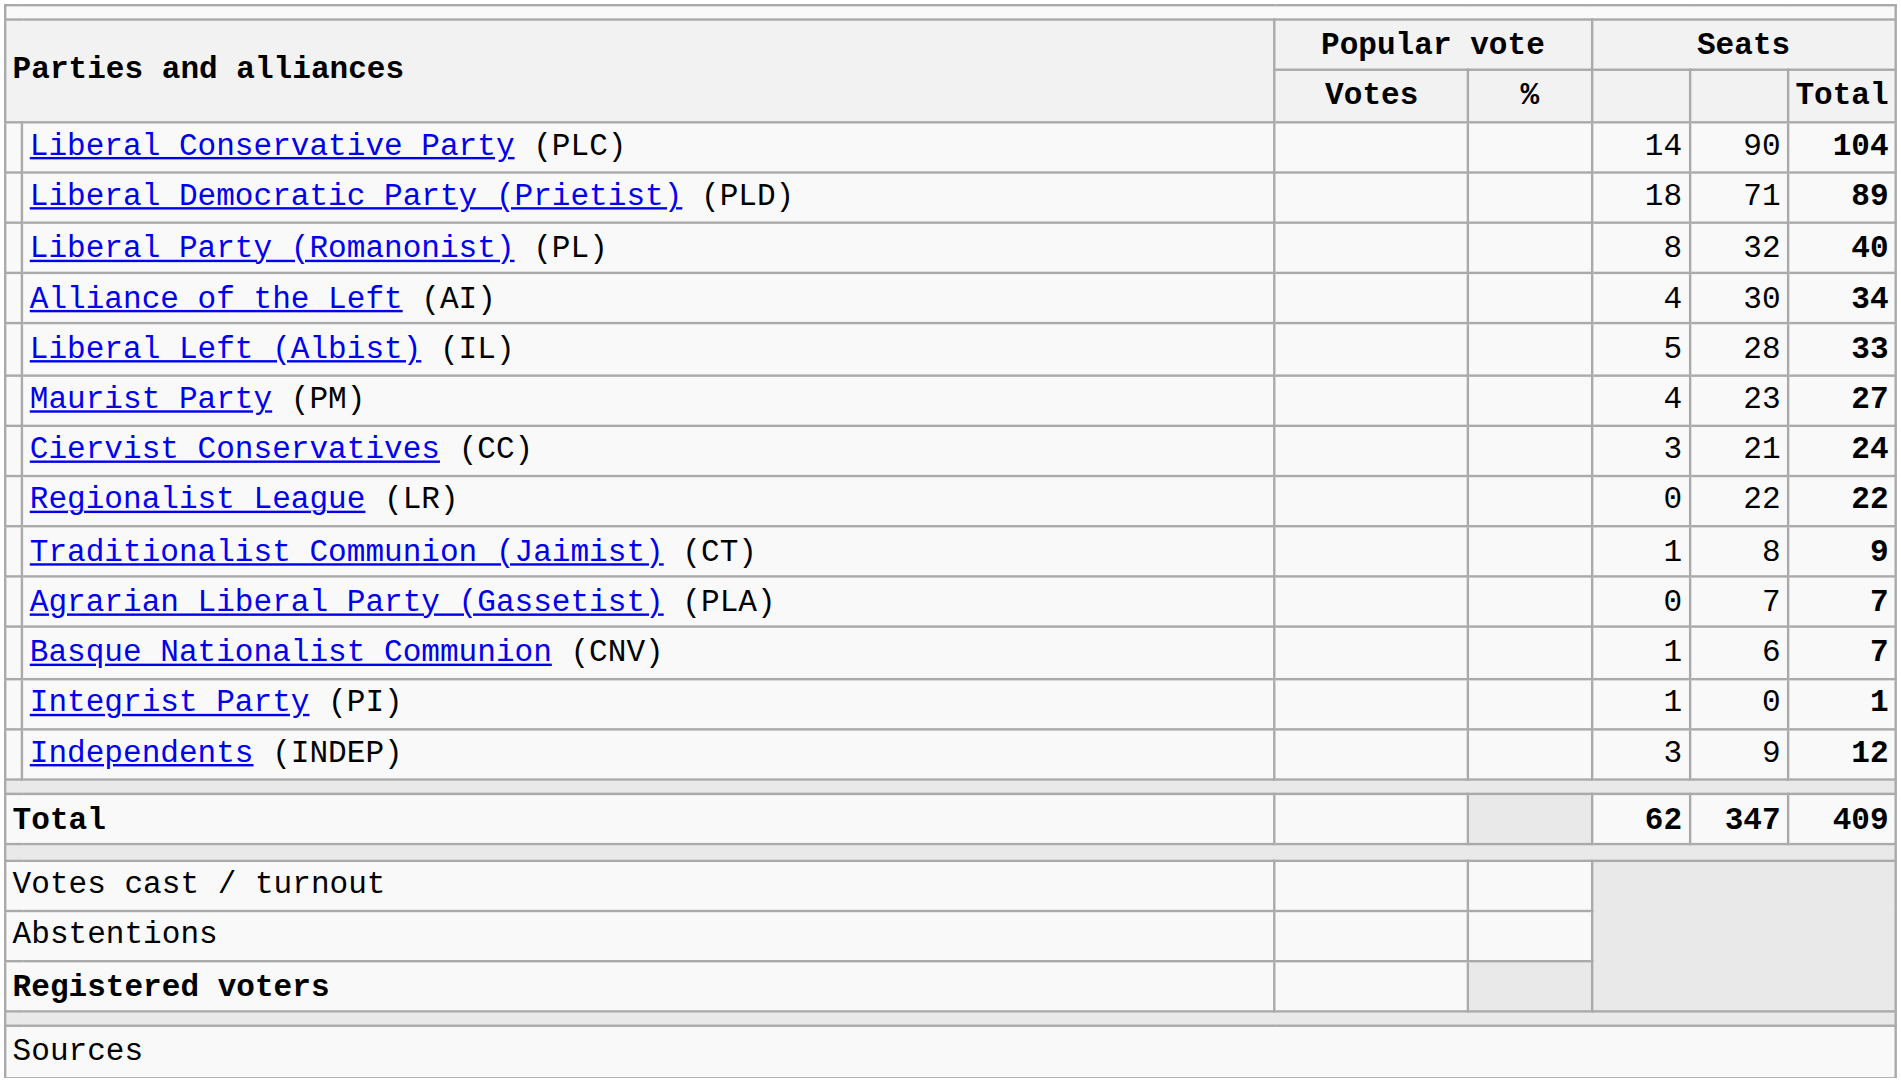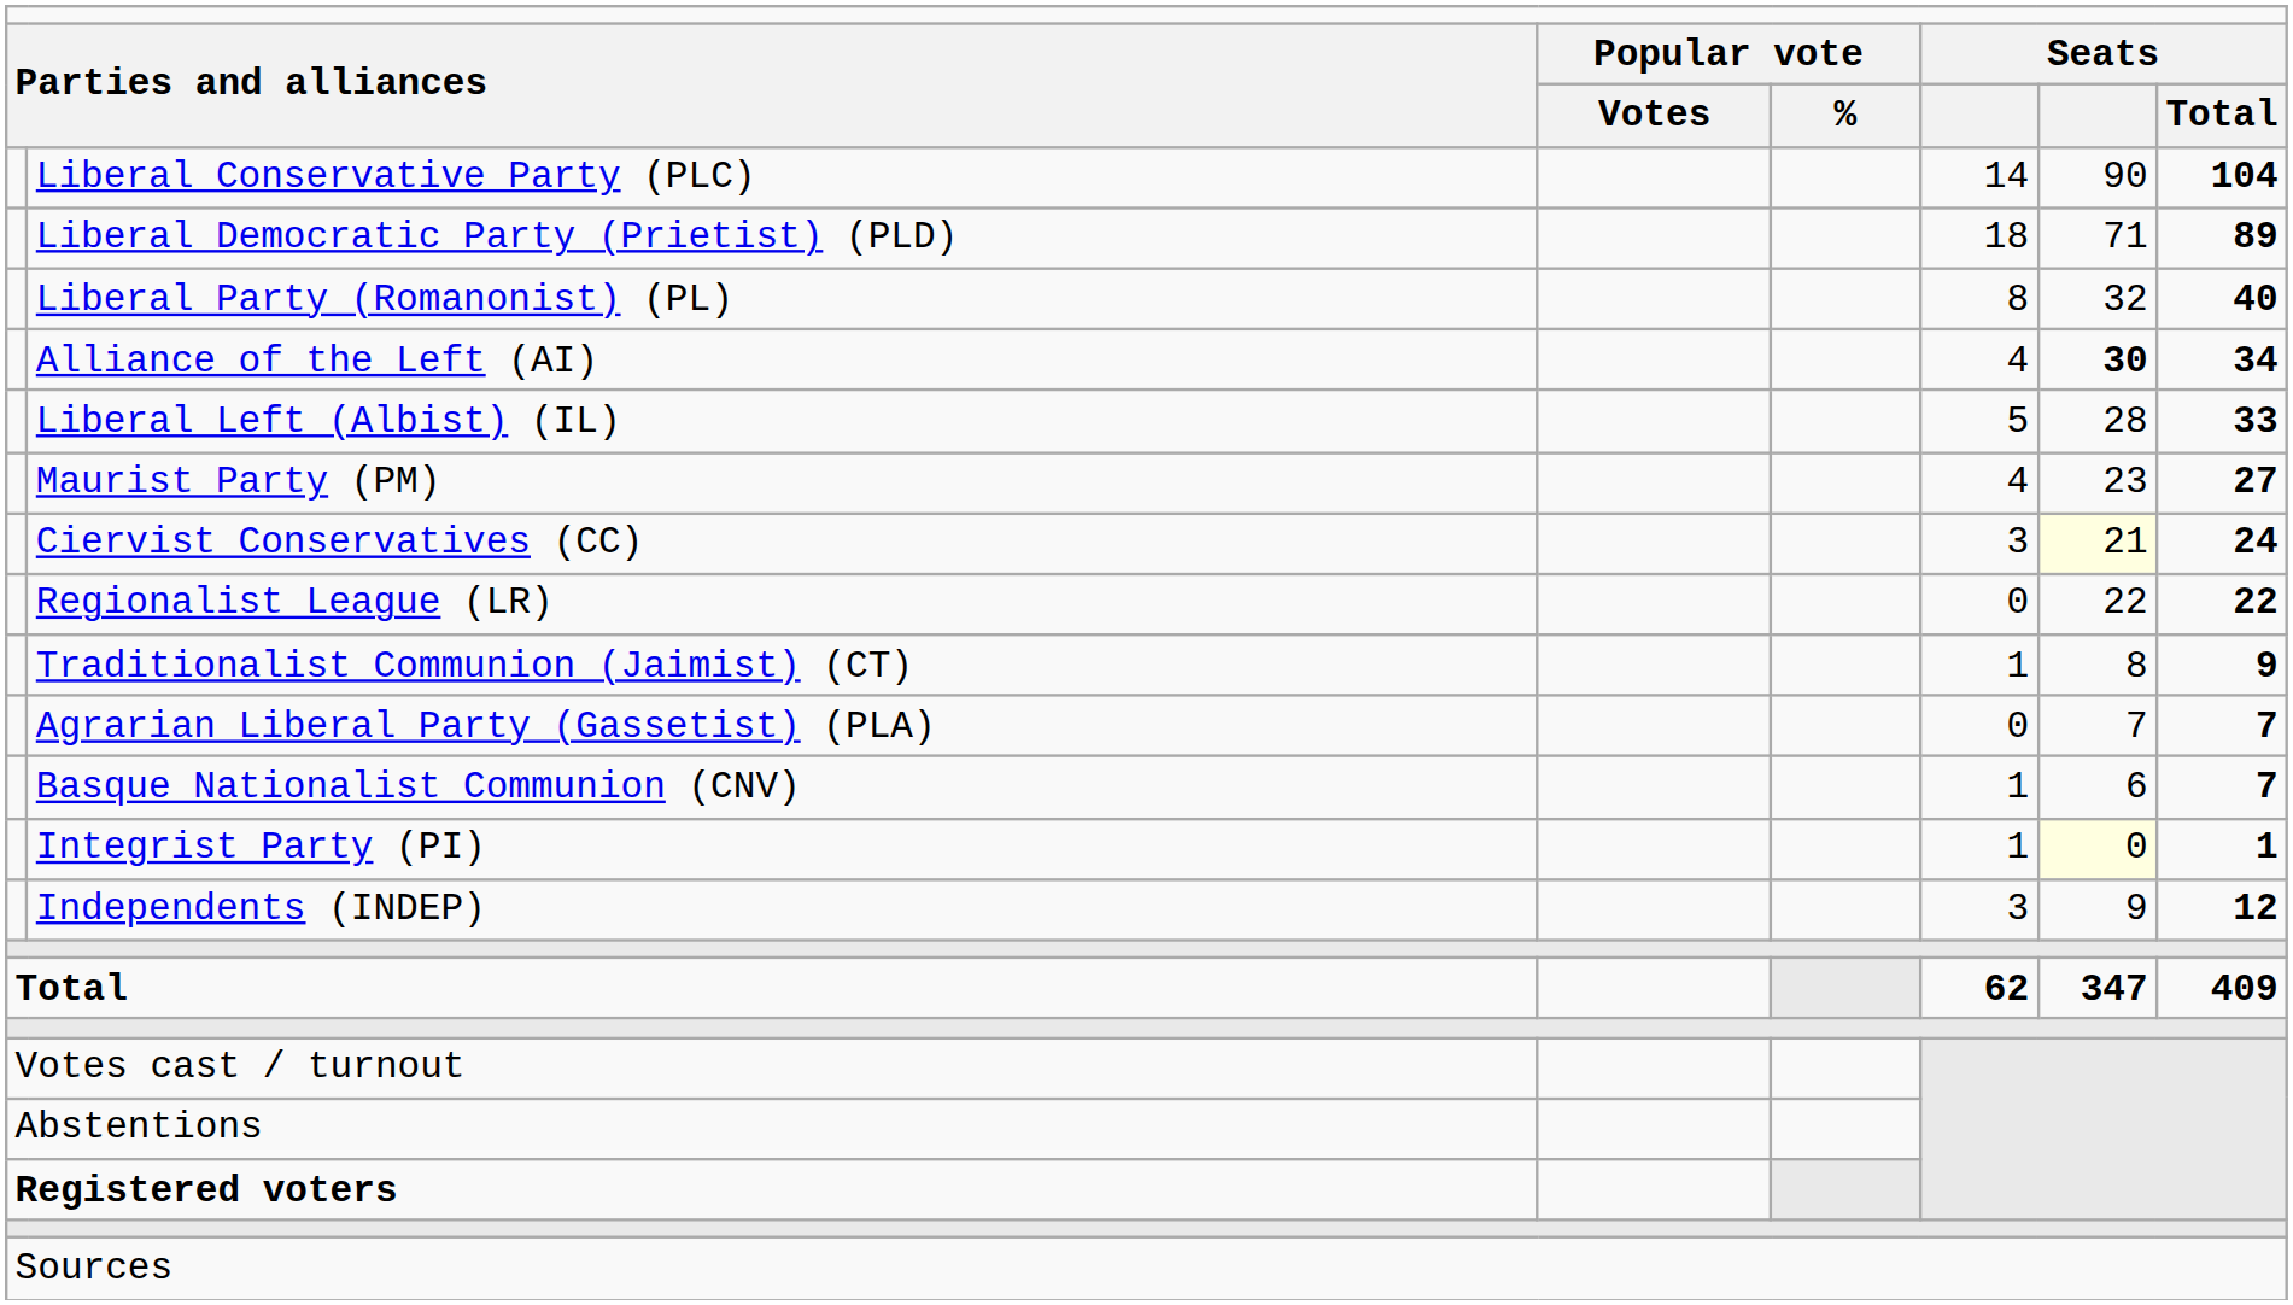 <table class="wikitable" style="text-align:right;">
 <tr>
 <td colspan="7"></td>
 </tr>
 <tr>
 <th style="text-align:left;" rowspan="2" colspan="2" width="525">Parties and alliances</th>
 <th colspan="2">Popular vote</th>
 <th colspan="3">Seats</th>
 </tr>
 <tr>
 <th width="75">Votes</th>
 <th width="45">%</th>
 <th width="35"></th>
 <th width="35"></th>
 <th width="35">Total</th>
 </tr>
 <tr>
 <td width="1" style="color:inherit;background:"></td>
 <td align="left"><a href='#'>Liberal Conservative Party</a> (PLC)</td>
 <td></td>
 <td></td>
 <td>14</td>
 <td>90</td>
 <td><strong>104</strong></td>
 </tr>
 <tr>
 <td style="color:inherit;background:"></td>
 <td align="left"><a href='#'>Liberal Democratic Party (Prietist)</a> (PLD)</td>
 <td></td>
 <td></td>
 <td>18</td>
 <td>71</td>
 <td><strong>89</strong></td>
 </tr>
 <tr>
 <td style="color:inherit;background:"></td>
 <td align="left"><a href='#'>Liberal Party (Romanonist)</a> (PL)</td>
 <td></td>
 <td></td>
 <td>8</td>
 <td>32</td>
 <td><strong>40</strong></td>
 </tr>
 <tr>
 <td style="color:inherit;background:"></td>
 <td align="left"><a href='#'>Alliance of the Left</a> (AI)</td>
 <td></td>
 <td></td>
 <td>4</td>
-<td>30</td>
+<td><strong>30</strong></td>
 <td><strong>34</strong></td>
 </tr>
 <tr>
 <td style="color:inherit;background:"></td>
 <td align="left"><a href='#'>Liberal Left (Albist)</a> (IL)</td>
 <td></td>
 <td></td>
 <td>5</td>
 <td>28</td>
 <td><strong>33</strong></td>
 </tr>
 <tr>
 <td style="color:inherit;background:"></td>
 <td align="left"><a href='#'>Maurist Party</a> (PM)</td>
 <td></td>
 <td></td>
 <td>4</td>
 <td>23</td>
 <td><strong>27</strong></td>
 </tr>
 <tr>
 <td style="color:inherit;background:"></td>
 <td align="left"><a href='#'>Ciervist Conservatives</a> (CC)</td>
 <td></td>
 <td></td>
 <td>3</td>
-<td>21</td>
+<td style="background: lightyellow;">21</td>
 <td><strong>24</strong></td>
 </tr>
 <tr>
 <td style="color:inherit;background:"></td>
 <td align="left"><a href='#'>Regionalist League</a> (LR)</td>
 <td></td>
 <td></td>
 <td>0</td>
 <td>22</td>
 <td><strong>22</strong></td>
 </tr>
 <tr>
 <td style="color:inherit;background:"></td>
 <td align="left"><a href='#'>Traditionalist Communion (Jaimist)</a> (CT)</td>
 <td></td>
 <td></td>
 <td>1</td>
 <td>8</td>
 <td><strong>9</strong></td>
 </tr>
 <tr>
 <td style="color:inherit;background:"></td>
 <td align="left"><a href='#'>Agrarian Liberal Party (Gassetist)</a> (PLA)</td>
 <td></td>
 <td></td>
 <td>0</td>
 <td>7</td>
 <td><strong>7</strong></td>
 </tr>
 <tr>
 <td style="color:inherit;background:"></td>
 <td align="left"><a href='#'>Basque Nationalist Communion</a> (CNV)</td>
 <td></td>
 <td></td>
 <td>1</td>
 <td>6</td>
 <td><strong>7</strong></td>
 </tr>
 <tr>
 <td style="color:inherit;background:"></td>
 <td align="left"><a href='#'>Integrist Party</a> (PI)</td>
 <td></td>
 <td></td>
 <td>1</td>
-<td>0</td>
+<td style="background: lightyellow;">0</td>
 <td><strong>1</strong></td>
 </tr>
 <tr>
 <td style="color:inherit;background:"></td>
 <td align="left"><a href='#'>Independents</a> (INDEP)</td>
 <td></td>
 <td></td>
 <td>3</td>
 <td>9</td>
 <td><strong>12</strong></td>
 </tr>
 <tr>
 <td colspan="7" bgcolor="#E9E9E9"></td>
 </tr>
 <tr style="font-weight:bold;">
 <td align="left" colspan="2">Total</td>
 <td></td>
 <td bgcolor="#E9E9E9"></td>
 <td>62</td>
 <td>347</td>
 <td>409</td>
 </tr>
 <tr>
 <td colspan="7" bgcolor="#E9E9E9"></td>
 </tr>
 <tr>
 <td align="left" colspan="2">Votes cast / turnout</td>
 <td></td>
 <td></td>
 <td bgcolor="#E9E9E9" colspan="3" rowspan="3"></td>
 </tr>
 <tr>
 <td align="left" colspan="2">Abstentions</td>
 <td></td>
 <td></td>
 </tr>
 <tr style="font-weight:bold;">
 <td align="left" colspan="2">Registered voters</td>
 <td></td>
 <td bgcolor="#E9E9E9"></td>
 </tr>
 <tr>
 <td colspan="7" bgcolor="#E9E9E9"></td>
 </tr>
 <tr>
 <td align="left" colspan="7">Sources</td>
 </tr>
 </table>
